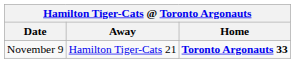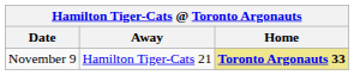 <table class="wikitable">
 <tr>
 <th colspan="3"><a href='#'>Hamilton Tiger-Cats</a> @ <a href='#'>Toronto Argonauts</a></th>
 </tr>
 <tr>
 <th>Date</th>
 <th>Away</th>
 <th>Home</th>
 </tr>
 <tr>
 <td>November 9</td>
 <td><a href='#'>Hamilton Tiger-Cats</a> 21</td>
-<td><strong><a href='#'>Toronto Argonauts</a> 33</strong></td>
+<td style="background: khaki;"><strong><a href='#'>Toronto Argonauts</a> 33</strong></td>
 </tr>
 </table>
